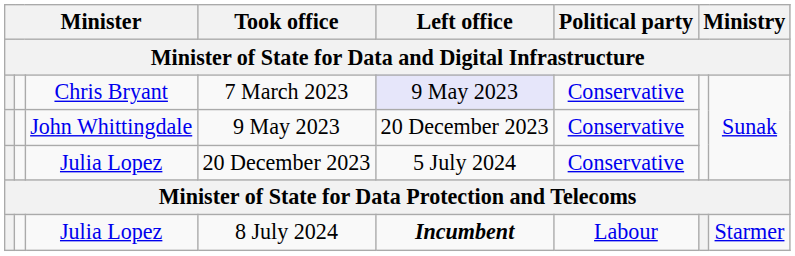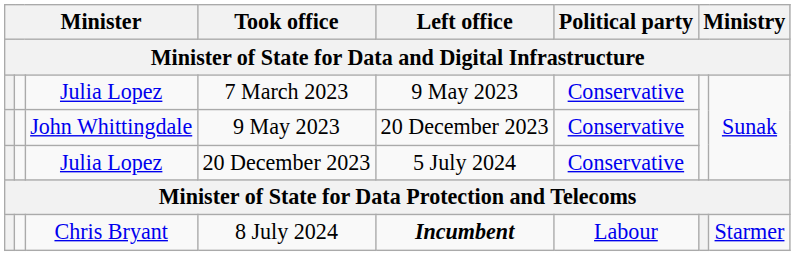 <table class="wikitable" style="text-align:center">
 <tr>
 <th colspan=3>Minister</th>
 <th>Took office</th>
 <th>Left office</th>
 <th>Political party</th>
 <th colspan=2>Ministry</th>
 </tr>
 <tr>
 <th colspan=99>Minister of State for Data and Digital Infrastructure</th>
 </tr>
 <tr style="height:1em">
 <th style="background-color:"></th>
 <td></td>
-<td><a href='#'>Chris Bryant</a><br></td>
+<td><a href='#'>Julia Lopez</a><br></td>
 <td>7 March 2023</td>
-<td style="background: lavender;">9 May 2023</td>
+<td>9 May 2023</td>
 <td><a href='#'>Conservative</a></td>
 <td rowspan=3 style="background-color:"></td>
 <td rowspan=3><a href='#'>Sunak</a></td>
 </tr>
 <tr style="height:1em">
 <th style="background-color:"></th>
 <td></td>
 <td><a href='#'>John Whittingdale</a><br></td>
 <td>9 May 2023</td>
 <td>20 December 2023</td>
 <td><a href='#'>Conservative</a></td>
 </tr>
 <tr style="height:1em">
 <th style="background-color:"></th>
 <td></td>
 <td><a href='#'>Julia Lopez</a><br></td>
 <td>20 December 2023</td>
 <td>5 July 2024</td>
 <td><a href='#'>Conservative</a></td>
 </tr>
 <tr style="height:1em">
 <th colspan=99>Minister of State for Data Protection and Telecoms</th>
 </tr>
 <tr>
 <th style="background-color:"></th>
 <td></td>
-<td><a href='#'>Julia Lopez</a><br></td>
+<td><a href='#'>Chris Bryant</a><br></td>
 <td>8 July 2024</td>
 <td><strong><em>Incumbent</em></strong></td>
 <td><a href='#'>Labour</a></td>
 <th style="background-color:"></th>
 <td><a href='#'>Starmer</a></td>
 </tr>
 </table>
